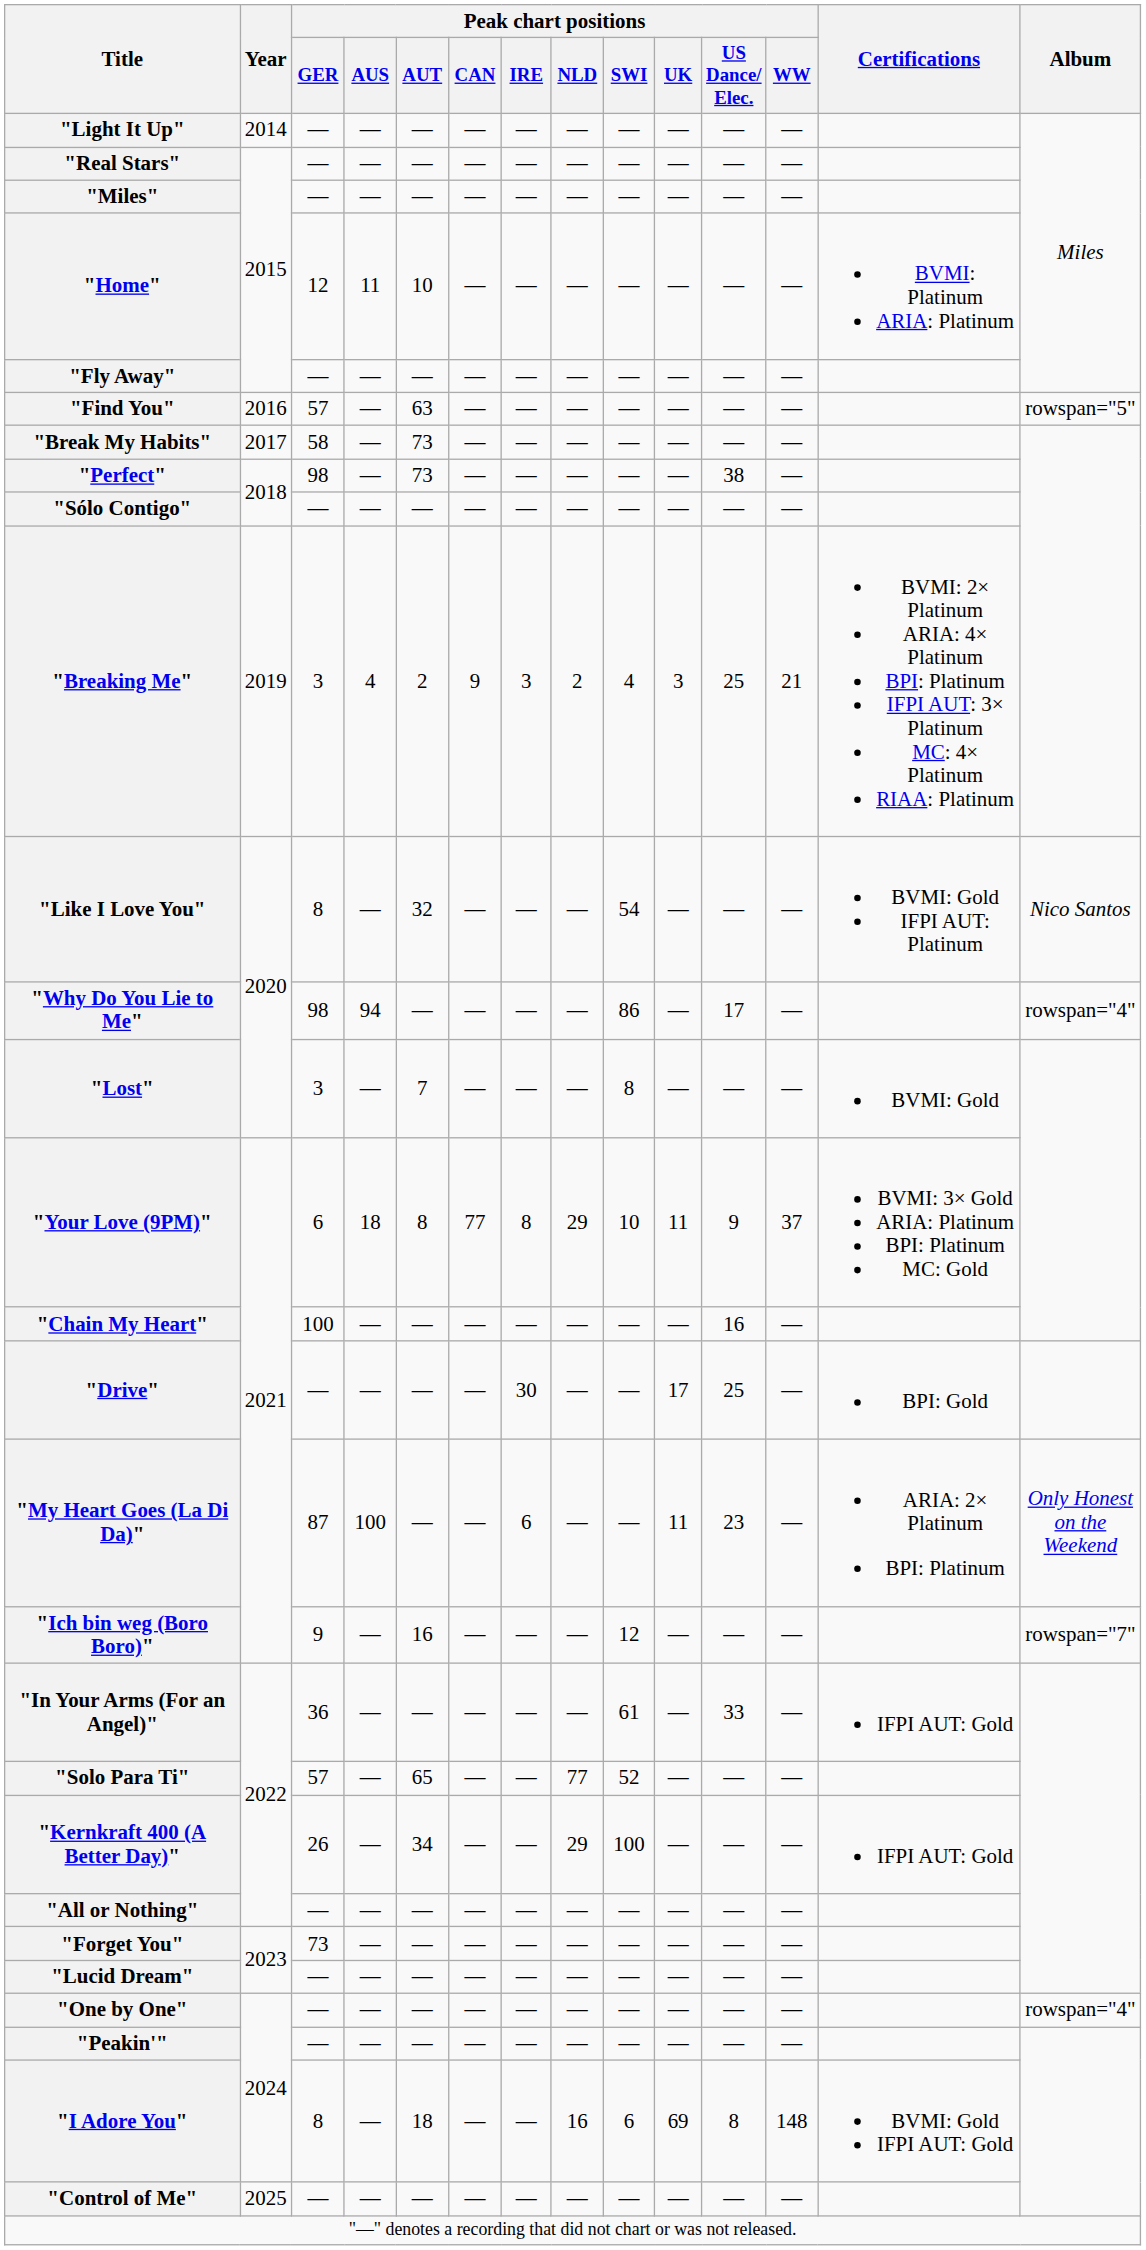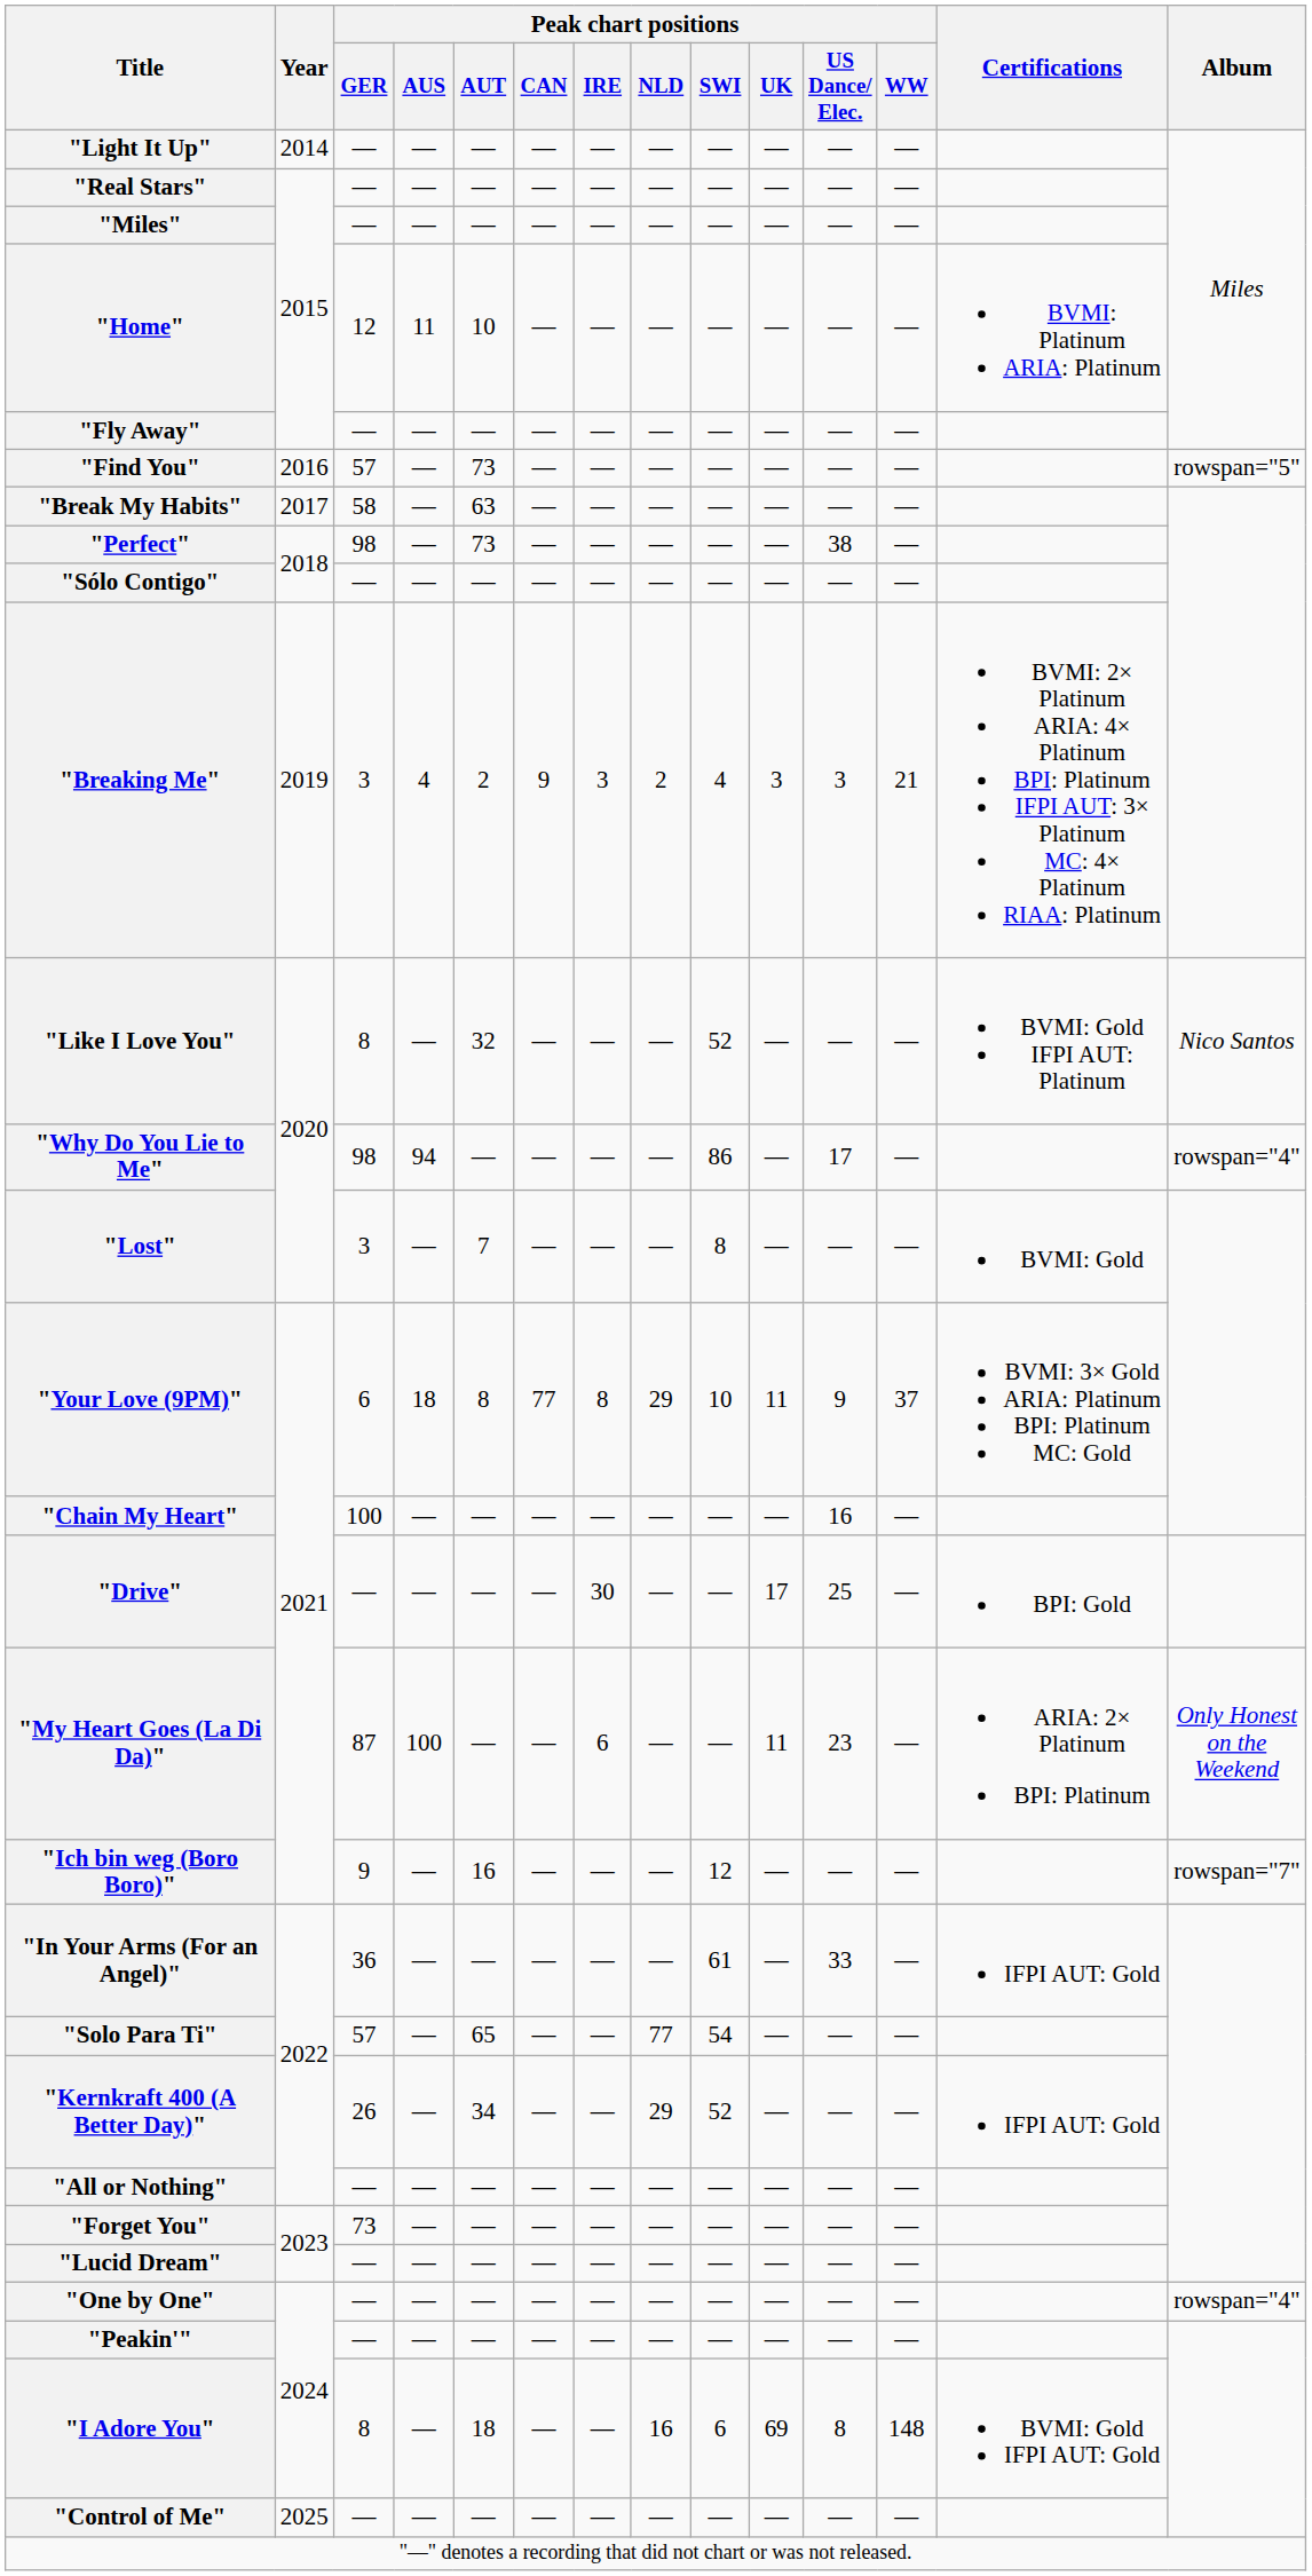 <table class="wikitable plainrowheaders" style="text-align:center;">
 <tr>
 <th scope="col" rowspan="2" style="width:16em;">Title</th>
 <th scope="col" rowspan="2" style="width:1em;">Year</th>
 <th scope="col" colspan="10">Peak chart positions</th>
 <th scope="col" rowspan="2" style="width:12em;"><a href='#'>Certifications</a></th>
 <th scope="col" rowspan="2">Album</th>
 </tr>
 <tr>
 <th scope="col" style="width:2.5em;font-size:90%;"><a href='#'>GER</a><br></th>
 <th scope="col" style="width:2.5em;font-size:90%;"><a href='#'>AUS</a><br></th>
 <th scope="col" style="width:2.5em;font-size:90%;"><a href='#'>AUT</a><br></th>
 <th scope="col" style="width:2.5em;font-size:90%;"><a href='#'>CAN</a><br></th>
 <th scope="col" style="width:2.5em;font-size:90%;"><a href='#'>IRE</a><br></th>
 <th scope="col" style="width:2.5em;font-size:90%;"><a href='#'>NLD</a><br></th>
 <th scope="col" style="width:2.5em;font-size:90%;"><a href='#'>SWI</a><br></th>
 <th scope="col" style="width:2.5em;font-size:90%;"><a href='#'>UK</a><br></th>
 <th scope="col" style="width:2.5em;font-size:90%;"><a href='#'>US<br>Dance/<br>Elec.</a><br></th>
 <th scope="col" style="width:2.5em;font-size:90%;"><a href='#'>WW</a><br></th>
 </tr>
 <tr>
 <th scope="row">"Light It Up"<br></th>
 <td>2014</td>
 <td>—</td>
 <td>—</td>
 <td>—</td>
 <td>—</td>
 <td>—</td>
 <td>—</td>
 <td>—</td>
 <td>—</td>
 <td>—</td>
 <td>—</td>
 <td></td>
 <td rowspan="5"><em>Miles</em></td>
 </tr>
 <tr>
 <th scope="row">"Real Stars"<br></th>
 <td rowspan="4">2015</td>
 <td>—</td>
 <td>—</td>
 <td>—</td>
 <td>—</td>
 <td>—</td>
 <td>—</td>
 <td>—</td>
 <td>—</td>
 <td>—</td>
 <td>—</td>
 <td></td>
 </tr>
 <tr>
 <th scope="row">"Miles"<br></th>
 <td>—</td>
 <td>—</td>
 <td>—</td>
 <td>—</td>
 <td>—</td>
 <td>—</td>
 <td>—</td>
 <td>—</td>
 <td>—</td>
 <td>—</td>
 <td></td>
 </tr>
 <tr>
 <th scope="row">"<a href='#'>Home</a>"<br></th>
 <td>12</td>
 <td>11</td>
 <td>10</td>
 <td>—</td>
 <td>—</td>
 <td>—</td>
 <td>—</td>
 <td>—</td>
 <td>—</td>
 <td>—</td>
 <td><br><ul><li><a href='#'>BVMI</a>: Platinum</li><li><a href='#'>ARIA</a>: Platinum</li></ul></td>
 </tr>
 <tr>
 <th scope="row">"Fly Away"<br></th>
 <td>—</td>
 <td>—</td>
 <td>—</td>
 <td>—</td>
 <td>—</td>
 <td>—</td>
 <td>—</td>
 <td>—</td>
 <td>—</td>
 <td>—</td>
 </tr>
 <tr>
 <th scope="row">"Find You"<br></th>
 <td>2016</td>
 <td>57</td>
 <td>—</td>
-<td>63</td>
+<td>73</td>
 <td>—</td>
 <td>—</td>
 <td>—</td>
 <td>—</td>
 <td>—</td>
 <td>—</td>
 <td>—</td>
 <td></td>
 <td>rowspan="5" </td>
 </tr>
 <tr>
 <th scope="row">"Break My Habits"</th>
 <td>2017</td>
 <td>58</td>
 <td>—</td>
-<td>73</td>
+<td>63</td>
 <td>—</td>
 <td>—</td>
 <td>—</td>
 <td>—</td>
 <td>—</td>
 <td>—</td>
 <td>—</td>
 <td></td>
 </tr>
 <tr>
 <th scope="row">"<a href='#'>Perfect</a>"<br></th>
 <td rowspan="2">2018</td>
 <td>98</td>
 <td>—</td>
 <td>73</td>
 <td>—</td>
 <td>—</td>
 <td>—</td>
 <td>—</td>
 <td>—</td>
 <td>38</td>
 <td>—</td>
 <td></td>
 </tr>
 <tr>
 <th scope="row">"Sólo Contigo" <br></th>
 <td>—</td>
 <td>—</td>
 <td>—</td>
 <td>—</td>
 <td>—</td>
 <td>—</td>
 <td>—</td>
 <td>—</td>
 <td>—</td>
 <td>—</td>
 <td></td>
 </tr>
 <tr>
 <th scope="row">"<a href='#'>Breaking Me</a>"<br></th>
 <td>2019</td>
 <td>3</td>
 <td>4</td>
 <td>2</td>
 <td>9</td>
 <td>3</td>
 <td>2</td>
 <td>4</td>
 <td>3</td>
-<td>25</td>
+<td>3</td>
 <td>21</td>
 <td><br><ul><li>BVMI: 2× Platinum</li><li>ARIA: 4× Platinum</li><li><a href='#'>BPI</a>: Platinum</li><li><a href='#'>IFPI AUT</a>: 3× Platinum</li><li><a href='#'>MC</a>: 4× Platinum</li><li><a href='#'>RIAA</a>: Platinum</li></ul></td>
 </tr>
 <tr>
 <th scope="row">"Like I Love You"<br></th>
 <td rowspan="3">2020</td>
 <td>8</td>
 <td>—</td>
 <td>32</td>
 <td>—</td>
 <td>—</td>
 <td>—</td>
-<td>54</td>
+<td>52</td>
 <td>—</td>
 <td>—</td>
 <td>—</td>
 <td><br><ul><li>BVMI: Gold</li><li>IFPI AUT: Platinum</li></ul></td>
 <td><em>Nico Santos</em></td>
 </tr>
 <tr>
 <th scope="row">"<a href='#'>Why Do You Lie to Me</a>"<br></th>
 <td>98</td>
 <td>94</td>
 <td>—</td>
 <td>—</td>
 <td>—</td>
 <td>—</td>
 <td>86</td>
 <td>—</td>
 <td>17</td>
 <td>—</td>
 <td></td>
 <td>rowspan="4" </td>
 </tr>
 <tr>
 <th scope="row">"<a href='#'>Lost</a>"<br></th>
 <td>3</td>
 <td>—</td>
 <td>7</td>
 <td>—</td>
 <td>—</td>
 <td>—</td>
 <td>8</td>
 <td>—</td>
 <td>—</td>
 <td>—</td>
 <td><br><ul><li>BVMI: Gold</li></ul></td>
 </tr>
 <tr>
 <th scope="row">"<a href='#'>Your Love (9PM)</a>"<br></th>
 <td rowspan="5">2021</td>
 <td>6</td>
 <td>18</td>
 <td>8</td>
 <td>77</td>
 <td>8<br></td>
 <td>29</td>
 <td>10</td>
 <td>11</td>
 <td>9</td>
 <td>37</td>
 <td><br><ul><li>BVMI: 3× Gold</li><li>ARIA: Platinum</li><li>BPI: Platinum</li><li>MC: Gold</li></ul></td>
 </tr>
 <tr>
 <th scope="row">"<a href='#'>Chain My Heart</a>"<br></th>
 <td>100</td>
 <td>—</td>
 <td>—</td>
 <td>—</td>
 <td>—</td>
 <td>—</td>
 <td>—</td>
 <td>—</td>
 <td>16</td>
 <td>—</td>
 <td></td>
 </tr>
 <tr>
 <th scope="row">"<a href='#'>Drive</a>"<br></th>
 <td>—</td>
 <td>—</td>
 <td>—</td>
 <td>—</td>
 <td>30<br></td>
 <td>—</td>
 <td>—</td>
 <td>17</td>
 <td>25</td>
 <td>—</td>
 <td><br><ul><li>BPI: Gold</li></ul></td>
 <td></td>
 </tr>
 <tr>
 <th scope="row">"<a href='#'>My Heart Goes (La Di Da)</a>"<br></th>
 <td>87</td>
 <td>100</td>
 <td>—</td>
 <td>—</td>
 <td>6<br></td>
 <td>—</td>
 <td>—</td>
 <td>11</td>
 <td>23</td>
 <td>—</td>
 <td><br><ul><li>ARIA: 2× Platinum</li></ul><ul><li>BPI: Platinum</li></ul></td>
 <td><em><a href='#'>Only Honest on the Weekend</a></em></td>
 </tr>
 <tr>
 <th scope="row">"<a href='#'>Ich bin weg (Boro Boro)</a>"<br></th>
 <td>9</td>
 <td>—</td>
 <td>16</td>
 <td>—</td>
 <td>—</td>
 <td>—</td>
 <td>12</td>
 <td>—</td>
 <td>—</td>
 <td>—</td>
 <td></td>
 <td>rowspan="7" </td>
 </tr>
 <tr>
 <th scope="row">"In Your Arms (For an Angel)"<br></th>
 <td rowspan="4">2022</td>
 <td>36</td>
 <td>—</td>
 <td>—</td>
 <td>—</td>
 <td>—</td>
 <td>—</td>
 <td>61</td>
 <td>—</td>
 <td>33</td>
 <td>—</td>
 <td><br><ul><li>IFPI AUT: Gold</li></ul></td>
 </tr>
 <tr>
 <th scope="row">"Solo Para Ti"<br></th>
 <td>57</td>
 <td>—</td>
 <td>65</td>
 <td>—</td>
 <td>—</td>
 <td>77</td>
-<td>52</td>
+<td>54</td>
 <td>—</td>
 <td>—</td>
 <td>—</td>
 <td></td>
 </tr>
 <tr>
 <th scope="row">"<a href='#'>Kernkraft 400 (A Better Day)</a>"<br></th>
 <td>26</td>
 <td>—</td>
 <td>34</td>
 <td>—</td>
 <td>—</td>
 <td>29</td>
-<td>100</td>
+<td>52</td>
 <td>—</td>
 <td>—</td>
 <td>—</td>
 <td><br><ul><li>IFPI AUT: Gold</li></ul></td>
 </tr>
 <tr>
 <th scope="row">"All or Nothing"<br></th>
 <td>—</td>
 <td>—</td>
 <td>—</td>
 <td>—</td>
 <td>—</td>
 <td>—</td>
 <td>—</td>
 <td>—</td>
 <td>—</td>
 <td>—</td>
 <td></td>
 </tr>
 <tr>
 <th scope="row">"Forget You"<br></th>
 <td rowspan="2">2023</td>
 <td>73</td>
 <td>—</td>
 <td>—</td>
 <td>—</td>
 <td>—</td>
 <td>—</td>
 <td>—</td>
 <td>—</td>
 <td>—</td>
 <td>—</td>
 <td></td>
 </tr>
 <tr>
 <th scope="row">"Lucid Dream"</th>
 <td>—</td>
 <td>—</td>
 <td>—</td>
 <td>—</td>
 <td>—</td>
 <td>—</td>
 <td>—</td>
 <td>—</td>
 <td>—</td>
 <td>—</td>
 <td></td>
 </tr>
 <tr>
 <th scope="row">"One by One" <br></th>
 <td rowspan="3">2024</td>
 <td>—</td>
 <td>—</td>
 <td>—</td>
 <td>—</td>
 <td>—</td>
 <td>—</td>
 <td>—</td>
 <td>—</td>
 <td>—</td>
 <td>—</td>
 <td></td>
 <td>rowspan="4" </td>
 </tr>
 <tr>
 <th scope="row">"Peakin'"</th>
 <td>—</td>
 <td>—</td>
 <td>—</td>
 <td>—</td>
 <td>—</td>
 <td>—</td>
 <td>—</td>
 <td>—</td>
 <td>—</td>
 <td>—</td>
 <td></td>
 </tr>
 <tr>
 <th scope="row">"<a href='#'>I Adore You</a>"<br></th>
 <td>8</td>
 <td>—</td>
 <td>18</td>
 <td>—</td>
 <td>—</td>
 <td>16</td>
 <td>6</td>
 <td>69</td>
 <td>8</td>
 <td>148</td>
 <td><br><ul><li>BVMI: Gold</li><li>IFPI AUT: Gold</li></ul></td>
 </tr>
 <tr>
 <th scope="row">"Control of Me"<br></th>
 <td>2025</td>
 <td>—</td>
 <td>—</td>
 <td>—</td>
 <td>—</td>
 <td>—</td>
 <td>—</td>
 <td>—</td>
 <td>—</td>
 <td>—</td>
 <td>—</td>
 <td></td>
 </tr>
 <tr>
 <td colspan="14" style="font-size:85%;">"—" denotes a recording that did not chart or was not released.</td>
 </tr>
 </table>
